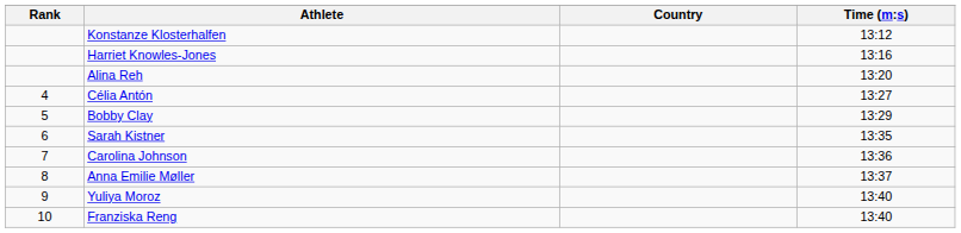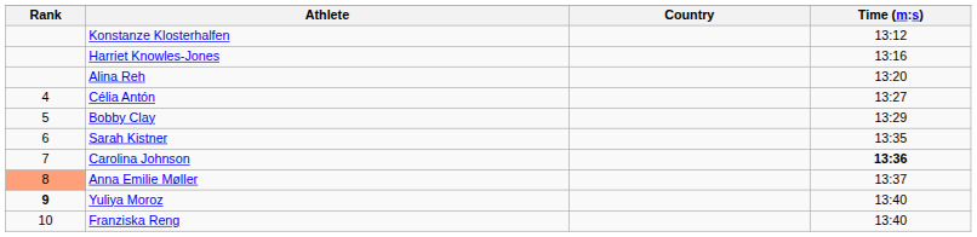 <table class="wikitable" style="text-align:center;" width="60%">
 <tr>
 </tr>
 <tr>
 <th width=5%>Rank</th>
 <th width=30%>Athlete</th>
 <th width=15%>Country</th>
 <th width=10%>Time (<a href='#'>m</a>:<a href='#'>s</a>)</th>
 </tr>
 <tr>
 <td></td>
 <td align="left"><a href='#'>Konstanze Klosterhalfen</a></td>
 <td align="left"></td>
 <td>13:12</td>
 </tr>
 <tr>
 <td></td>
 <td align="left"><a href='#'>Harriet Knowles-Jones</a></td>
 <td align="left"></td>
 <td>13:16</td>
 </tr>
 <tr>
 <td></td>
 <td align="left"><a href='#'>Alina Reh</a></td>
 <td align="left"></td>
 <td>13:20</td>
 </tr>
 <tr>
 <td>4</td>
 <td align="left"><a href='#'>Célia Antón</a></td>
 <td align="left"></td>
 <td>13:27</td>
 </tr>
 <tr>
 <td>5</td>
 <td align="left"><a href='#'>Bobby Clay</a></td>
 <td align="left"></td>
 <td>13:29</td>
 </tr>
 <tr>
 <td>6</td>
 <td align="left"><a href='#'>Sarah Kistner</a></td>
 <td align="left"></td>
 <td>13:35</td>
 </tr>
 <tr>
 <td>7</td>
 <td align="left"><a href='#'>Carolina Johnson</a></td>
 <td align="left"></td>
-<td>13:36</td>
+<td><strong>13:36</strong></td>
 </tr>
 <tr>
-<td>8</td>
+<td style="background: lightsalmon;">8</td>
 <td align="left"><a href='#'>Anna Emilie Møller</a></td>
 <td align="left"></td>
 <td>13:37</td>
 </tr>
 <tr>
-<td>9</td>
+<td><strong>9</strong></td>
 <td align="left"><a href='#'>Yuliya Moroz</a></td>
 <td align="left"></td>
 <td>13:40</td>
 </tr>
 <tr>
 <td>10</td>
 <td align="left"><a href='#'>Franziska Reng</a></td>
 <td align="left"></td>
 <td>13:40</td>
 </tr>
 </table>
